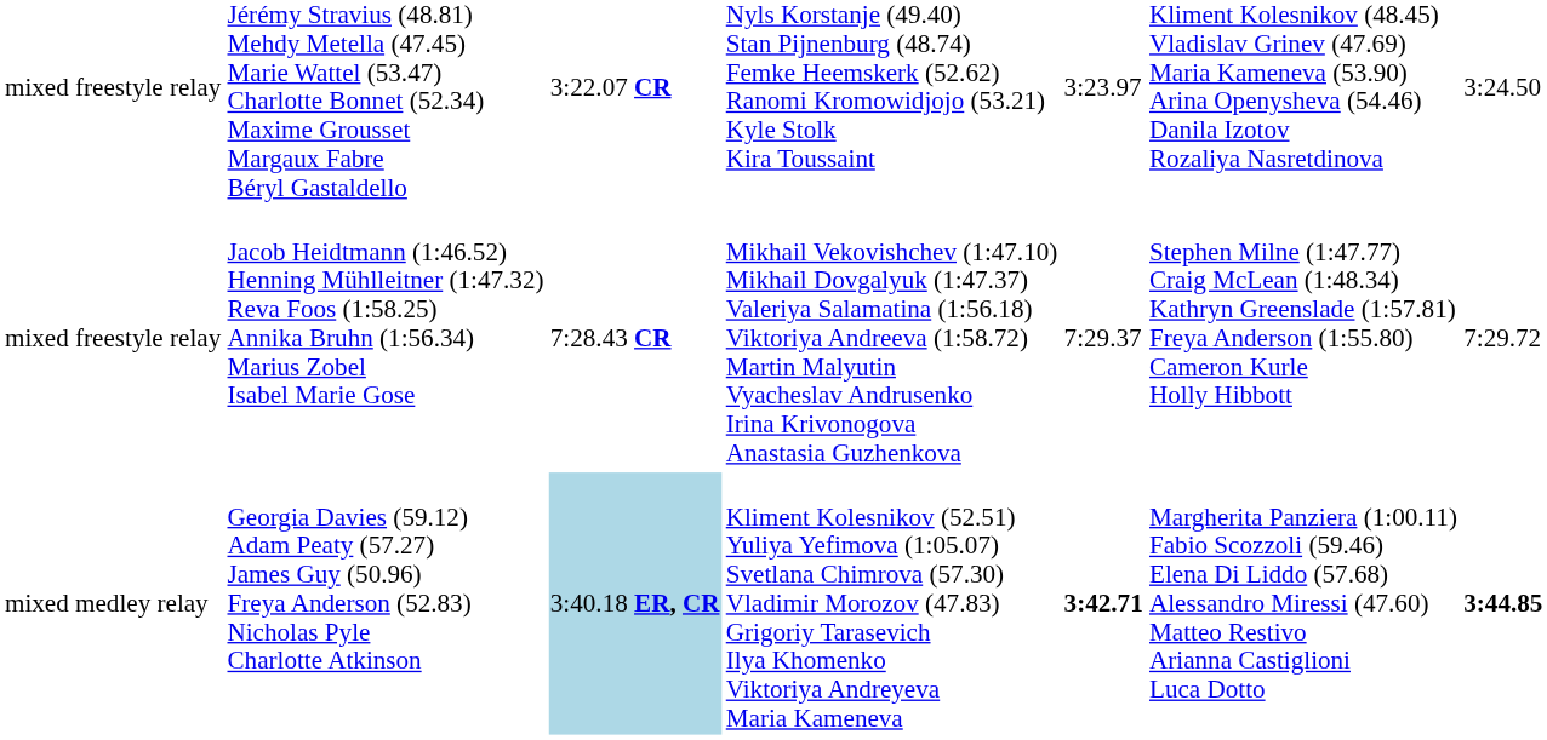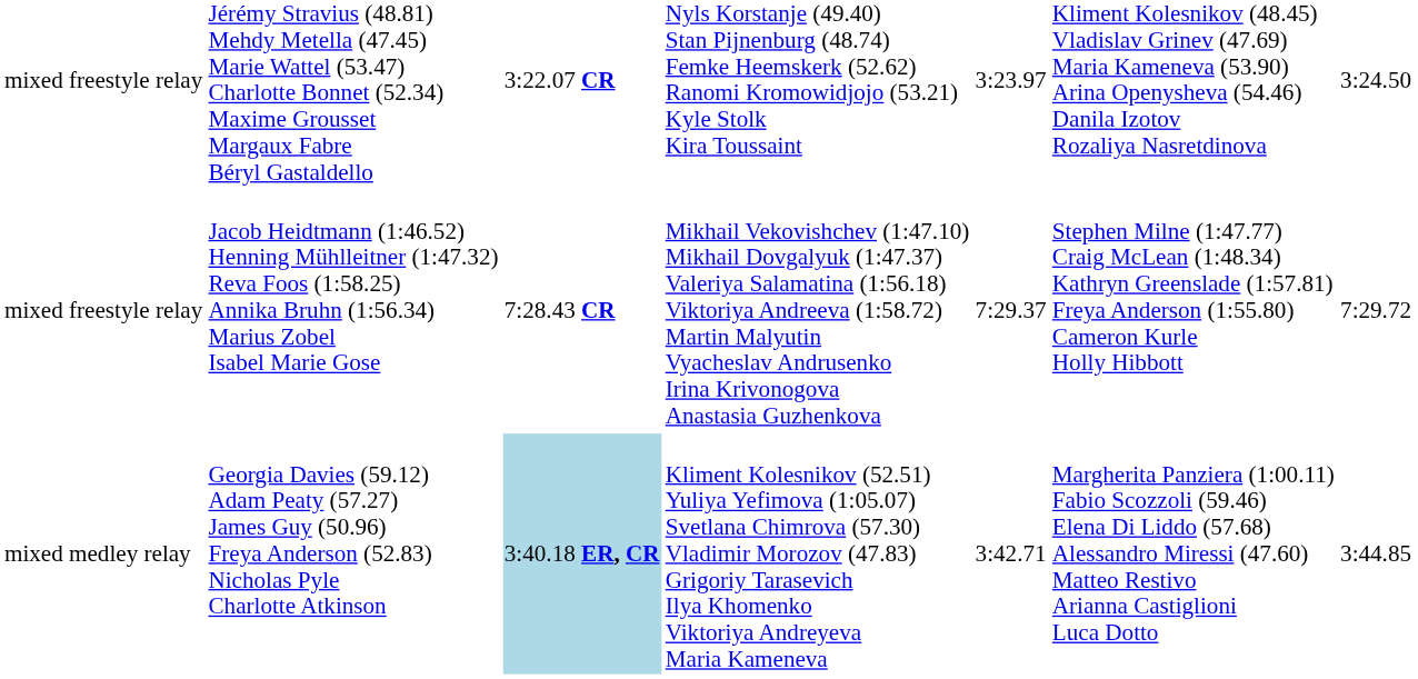 <table>
 <tr>
 <td> mixed freestyle relay<br></td>
 <td valign=top><br><a href='#'>Jérémy Stravius</a> (48.81)<br><a href='#'>Mehdy Metella</a> (47.45)<br><a href='#'>Marie Wattel</a> (53.47)<br><a href='#'>Charlotte Bonnet</a> (52.34)<br><a href='#'>Maxime Grousset</a><br><a href='#'>Margaux Fabre</a><br><a href='#'>Béryl Gastaldello</a></td>
 <td>3:22.07 <strong><a href='#'>CR</a></strong></td>
 <td valign=top><br><a href='#'>Nyls Korstanje</a> (49.40)<br><a href='#'>Stan Pijnenburg</a> (48.74)<br><a href='#'>Femke Heemskerk</a> (52.62)<br><a href='#'>Ranomi Kromowidjojo</a> (53.21)<br><a href='#'>Kyle Stolk</a><br><a href='#'>Kira Toussaint</a></td>
 <td>3:23.97</td>
 <td valign=top><br><a href='#'>Kliment Kolesnikov</a> (48.45)<br><a href='#'>Vladislav Grinev</a> (47.69)<br><a href='#'>Maria Kameneva</a> (53.90)<br><a href='#'>Arina Openysheva</a> (54.46)<br><a href='#'>Danila Izotov</a><br><a href='#'>Rozaliya Nasretdinova</a></td>
 <td>3:24.50</td>
 </tr>
 <tr>
 <td> mixed freestyle relay<br></td>
 <td valign=top><br><a href='#'>Jacob Heidtmann</a> (1:46.52)<br><a href='#'>Henning Mühlleitner</a> (1:47.32)<br><a href='#'>Reva Foos</a> (1:58.25)<br><a href='#'>Annika Bruhn</a> (1:56.34)<br><a href='#'>Marius Zobel</a><br><a href='#'>Isabel Marie Gose</a></td>
 <td>7:28.43 <strong><a href='#'>CR</a></strong></td>
 <td valign=top><br><a href='#'>Mikhail Vekovishchev</a> (1:47.10)<br><a href='#'>Mikhail Dovgalyuk</a> (1:47.37)<br><a href='#'>Valeriya Salamatina</a> (1:56.18)<br><a href='#'>Viktoriya Andreeva</a> (1:58.72)<br><a href='#'>Martin Malyutin</a><br><a href='#'>Vyacheslav Andrusenko</a><br><a href='#'>Irina Krivonogova</a><br><a href='#'>Anastasia Guzhenkova</a></td>
 <td>7:29.37</td>
 <td valign=top><br><a href='#'>Stephen Milne</a> (1:47.77)<br><a href='#'>Craig McLean</a> (1:48.34)<br><a href='#'>Kathryn Greenslade</a> (1:57.81)<br><a href='#'>Freya Anderson</a> (1:55.80)<br><a href='#'>Cameron Kurle</a><br><a href='#'>Holly Hibbott</a></td>
 <td>7:29.72</td>
 </tr>
 <tr>
 <td> mixed medley relay<br></td>
 <td valign=top><br><a href='#'>Georgia Davies</a> (59.12)<br><a href='#'>Adam Peaty</a> (57.27)<br><a href='#'>James Guy</a> (50.96)<br><a href='#'>Freya Anderson</a> (52.83)<br><a href='#'>Nicholas Pyle</a><br><a href='#'>Charlotte Atkinson</a></td>
 <td style="background: lightblue;">3:40.18 <strong><a href='#'>ER</a>, <a href='#'>CR</a></strong></td>
 <td valign=top><br><a href='#'>Kliment Kolesnikov</a> (52.51)<br><a href='#'>Yuliya Yefimova</a> (1:05.07)<br><a href='#'>Svetlana Chimrova</a> (57.30)<br><a href='#'>Vladimir Morozov</a> (47.83)<br><a href='#'>Grigoriy Tarasevich</a><br><a href='#'>Ilya Khomenko</a><br><a href='#'>Viktoriya Andreyeva</a><br><a href='#'>Maria Kameneva</a></td>
-<td><strong>3:42.71</strong></td>
+<td>3:42.71</td>
 <td valign=top><br><a href='#'>Margherita Panziera</a> (1:00.11)<br><a href='#'>Fabio Scozzoli</a> (59.46)<br><a href='#'>Elena Di Liddo</a> (57.68)<br><a href='#'>Alessandro Miressi</a> (47.60)<br><a href='#'>Matteo Restivo</a><br><a href='#'>Arianna Castiglioni</a><br><a href='#'>Luca Dotto</a></td>
-<td><strong>3:44.85</strong></td>
+<td>3:44.85</td>
 </tr>
 </table>
